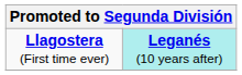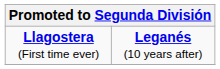 <table class="wikitable" style="text-align: center; margin: 0 auto;">
 <tr>
 <th colspan=9>Promoted to <a href='#'>Segunda División</a></th>
 </tr>
 <tr>
 <td><strong><a href='#'>Llagostera</a></strong><br><small>(First time ever)</small></td>
-<td style="background: paleturquoise;"><strong><a href='#'>Leganés</a></strong><br><small>(10 years after)</small></td>
+<td><strong><a href='#'>Leganés</a></strong><br><small>(10 years after)</small></td>
 </tr>
 <tr>
 </tr>
 </table>
